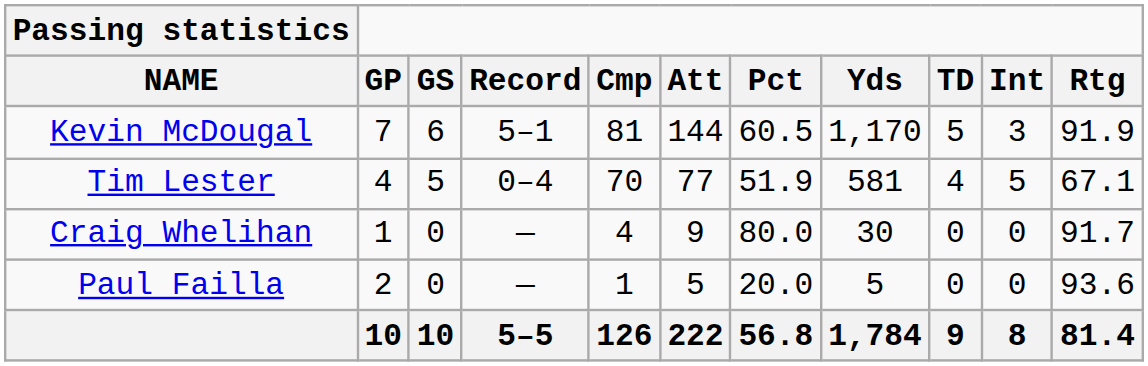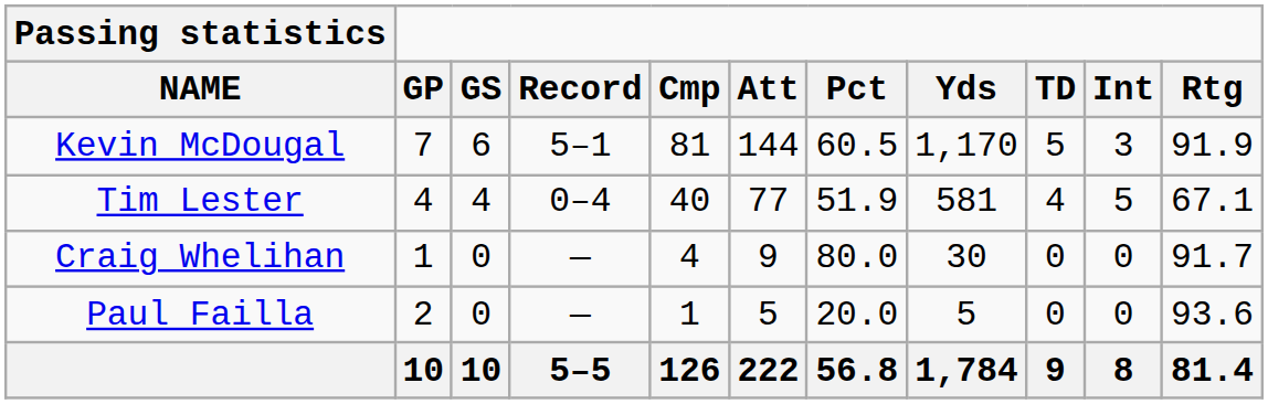 <table class="wikitable sortable" style="text-align:center;">
 <tr>
 <th style="text-align:center;">Passing statistics</th>
 </tr>
 <tr>
 <th>NAME</th>
 <th>GP</th>
 <th>GS</th>
 <th>Record</th>
 <th>Cmp</th>
 <th>Att</th>
 <th>Pct</th>
 <th>Yds</th>
 <th>TD</th>
 <th>Int</th>
 <th>Rtg</th>
 </tr>
 <tr>
 <td><a href='#'>Kevin McDougal</a></td>
 <td>7</td>
 <td>6</td>
 <td>5–1</td>
 <td>81</td>
 <td>144</td>
 <td>60.5</td>
 <td>1,170</td>
 <td>5</td>
 <td>3</td>
 <td>91.9</td>
 </tr>
 <tr>
 <td><a href='#'>Tim Lester</a></td>
 <td>4</td>
-<td>5</td>
+<td>4</td>
 <td>0–4</td>
-<td>70</td>
+<td>40</td>
 <td>77</td>
 <td>51.9</td>
 <td>581</td>
 <td>4</td>
 <td>5</td>
 <td>67.1</td>
 </tr>
 <tr>
 <td><a href='#'>Craig Whelihan</a></td>
 <td>1</td>
 <td>0</td>
 <td>—</td>
 <td>4</td>
 <td>9</td>
 <td>80.0</td>
 <td>30</td>
 <td>0</td>
 <td>0</td>
 <td>91.7</td>
 </tr>
 <tr>
 <td><a href='#'>Paul Failla</a></td>
 <td>2</td>
 <td>0</td>
 <td>—</td>
 <td>1</td>
 <td>5</td>
 <td>20.0</td>
 <td>5</td>
 <td>0</td>
 <td>0</td>
 <td>93.6</td>
 </tr>
 <tr>
 <th colspan="1"></th>
 <th>10</th>
 <th>10</th>
 <th>5–5</th>
 <th>126</th>
 <th>222</th>
 <th>56.8</th>
 <th>1,784</th>
 <th>9</th>
 <th>8</th>
 <th>81.4</th>
 </tr>
 </table>
